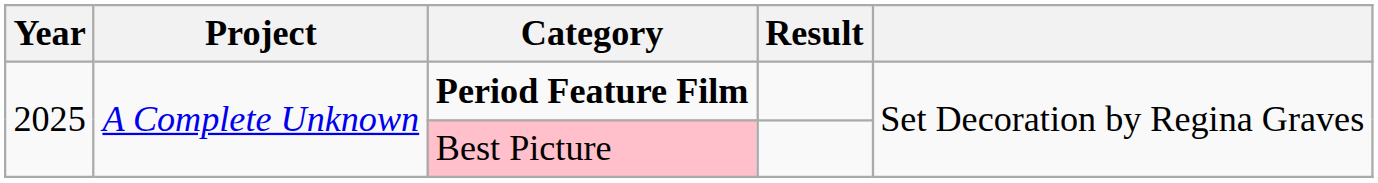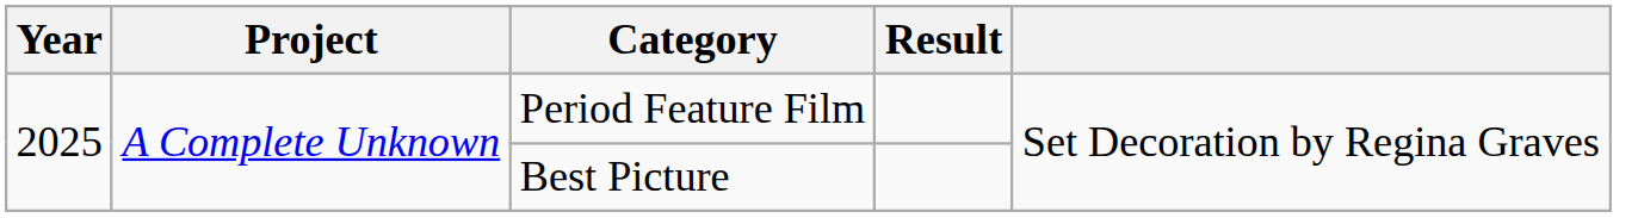 <table class="wikitable">
 <tr>
 <th>Year</th>
 <th>Project</th>
 <th>Category</th>
 <th>Result</th>
 <th></th>
 </tr>
 <tr>
 <td rowspan="2">2025</td>
 <td rowspan="2"><em><a href='#'>A Complete Unknown</a></em></td>
-<td><strong>Period Feature Film</strong></td>
+<td>Period Feature Film</td>
 <td></td>
 <td rowspan="2">Set Decoration by Regina Graves</td>
 </tr>
 <tr>
-<td style="background: pink;">Best Picture</td>
+<td>Best Picture</td>
 <td></td>
 </tr>
 </table>
